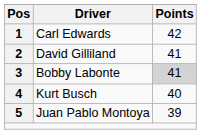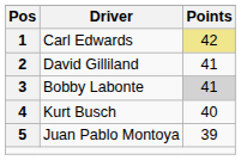 <table class="wikitable">
 <tr>
 </tr>
 <tr>
 <th scope="col">Pos</th>
 <th scope="col">Driver</th>
 <th scope="col">Points</th>
 </tr>
 <tr>
 <th scope="row">1</th>
 <td>Carl Edwards</td>
-<td style="text-align:center;">42</td>
+<td style="background: khaki; text-align:center;">42</td>
 </tr>
 <tr>
 <th scope="row">2</th>
 <td>David Gilliland</td>
 <td style="text-align:center;">41</td>
 </tr>
 <tr>
 <th scope="row">3</th>
 <td>Bobby Labonte</td>
 <td style="background: lightgrey; text-align:center;">41</td>
 </tr>
 <tr>
 <th scope="row">4</th>
 <td>Kurt Busch</td>
 <td style="text-align:center;">40</td>
 </tr>
 <tr>
 <th scope="row">5</th>
 <td>Juan Pablo Montoya</td>
 <td style="text-align:center;">39</td>
 </tr>
 <tr class="sortbottom">
 <td colspan="9"></td>
 </tr>
 </table>
